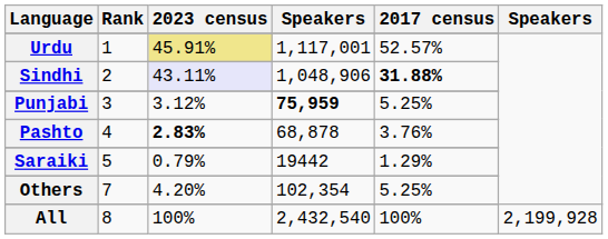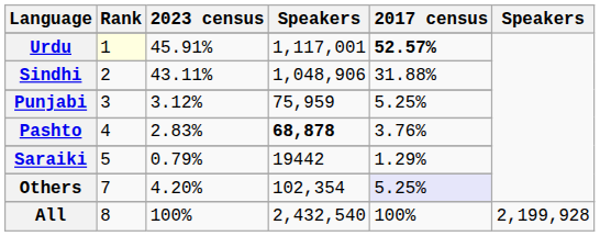 <table class="wikitable">
 <tr>
 <th>Language</th>
 <th>Rank</th>
 <th>2023 census</th>
 <th>Speakers</th>
 <th>2017 census</th>
 <th>Speakers</th>
 </tr>
 <tr>
 </tr>
 <tr>
 </tr>
 <tr>
 </tr>
 <tr>
 </tr>
 <tr>
 </tr>
 <tr>
 </tr>
 <tr>
 </tr>
 <tr>
 </tr>
 <tr>
 <th><a href='#'>Urdu</a></th>
-<td>1</td>
-<td style="background: khaki;">45.91%</td>
+<td style="background: lightyellow;">1</td>
+<td>45.91%</td>
 <td>1,117,001</td>
-<td>52.57%</td>
+<td><strong>52.57%</strong></td>
 </tr>
 <tr>
 </tr>
 <tr>
 </tr>
 <tr>
 </tr>
 <tr>
 </tr>
 <tr>
 </tr>
 <tr>
 <th><a href='#'>Sindhi</a></th>
 <td>2</td>
-<td style="background: lavender;">43.11%</td>
+<td>43.11%</td>
 <td>1,048,906</td>
-<td><strong>31.88%</strong></td>
+<td>31.88%</td>
 </tr>
 <tr>
 </tr>
 <tr>
 </tr>
 <tr>
 </tr>
 <tr>
 </tr>
 <tr>
 </tr>
 <tr>
 <th><a href='#'>Punjabi</a></th>
 <td>3</td>
 <td>3.12%</td>
-<td><strong>75,959</strong></td>
+<td>75,959</td>
 <td>5.25%</td>
 </tr>
 <tr>
 </tr>
 <tr>
 </tr>
 <tr>
 </tr>
 <tr>
 </tr>
 <tr>
 </tr>
 <tr>
 <th><a href='#'>Pashto</a></th>
 <td>4</td>
-<td><strong>2.83%</strong></td>
-<td>68,878</td>
+<td>2.83%</td>
+<td><strong>68,878</strong></td>
 <td>3.76%</td>
 </tr>
 <tr>
 </tr>
 <tr>
 </tr>
 <tr>
 </tr>
 <tr>
 </tr>
 <tr>
 </tr>
 <tr>
 <th><a href='#'>Saraiki</a></th>
 <td>5</td>
 <td>0.79%</td>
 <td>19442</td>
 <td>1.29%</td>
 </tr>
 <tr>
 </tr>
 <tr>
 </tr>
 <tr>
 </tr>
 <tr>
 </tr>
 <tr>
 </tr>
 <tr>
 <th>Others</th>
 <td>7</td>
 <td>4.20%</td>
 <td>102,354</td>
-<td>5.25%</td>
+<td style="background: lavender;">5.25%</td>
 </tr>
 <tr>
 </tr>
 <tr>
 </tr>
 <tr>
 </tr>
 <tr>
 </tr>
 <tr>
 </tr>
 <tr>
 <th>All</th>
 <td>8</td>
 <td>100%</td>
 <td>2,432,540</td>
 <td>100%</td>
 <td>2,199,928</td>
 </tr>
 </table>
